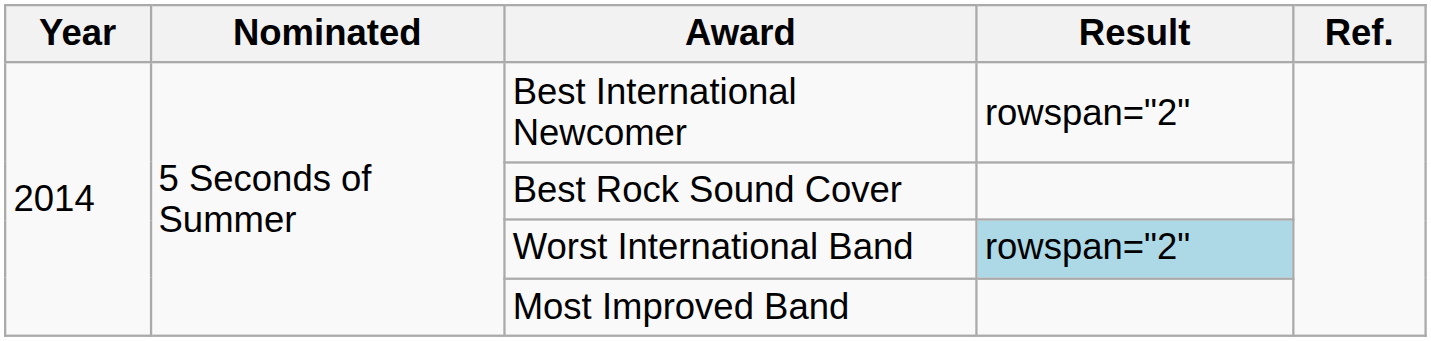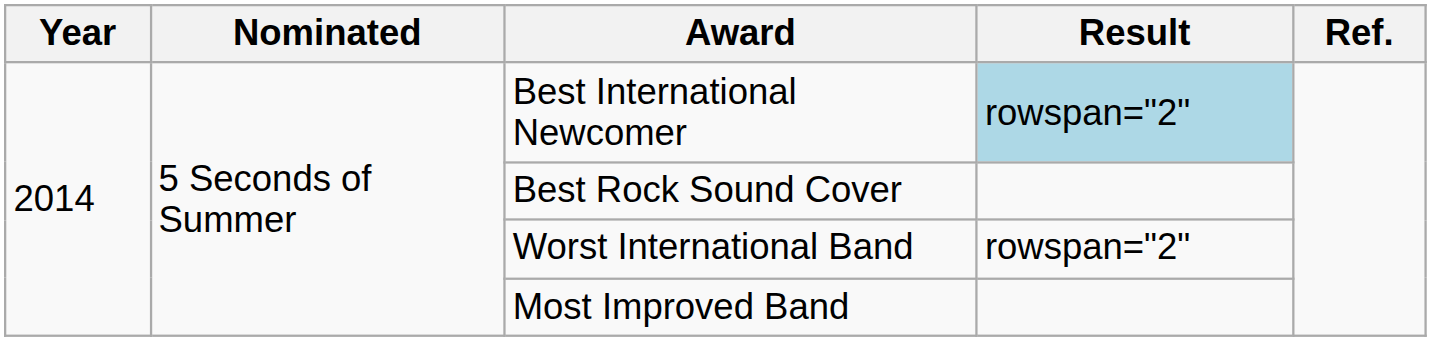 <table class="wikitable" style="width:100%;">
 <tr>
 <th width=5%>Year</th>
 <th style="width:15%;">Nominated</th>
 <th style="width:20%;">Award</th>
 <th style="width:10%;">Result</th>
 <th style="width:5%;">Ref.</th>
 </tr>
 <tr>
 <td rowspan="4">2014</td>
 <td rowspan="4">5 Seconds of Summer</td>
 <td>Best International Newcomer</td>
-<td>rowspan="2" </td>
+<td style="background: lightblue;">rowspan="2" </td>
 <td rowspan="4"></td>
 </tr>
 <tr>
 <td>Best Rock Sound Cover</td>
 </tr>
 <tr>
 <td>Worst International Band</td>
-<td style="background: lightblue;">rowspan="2" </td>
+<td>rowspan="2" </td>
 </tr>
 <tr>
 <td>Most Improved Band</td>
 </tr>
 </table>
